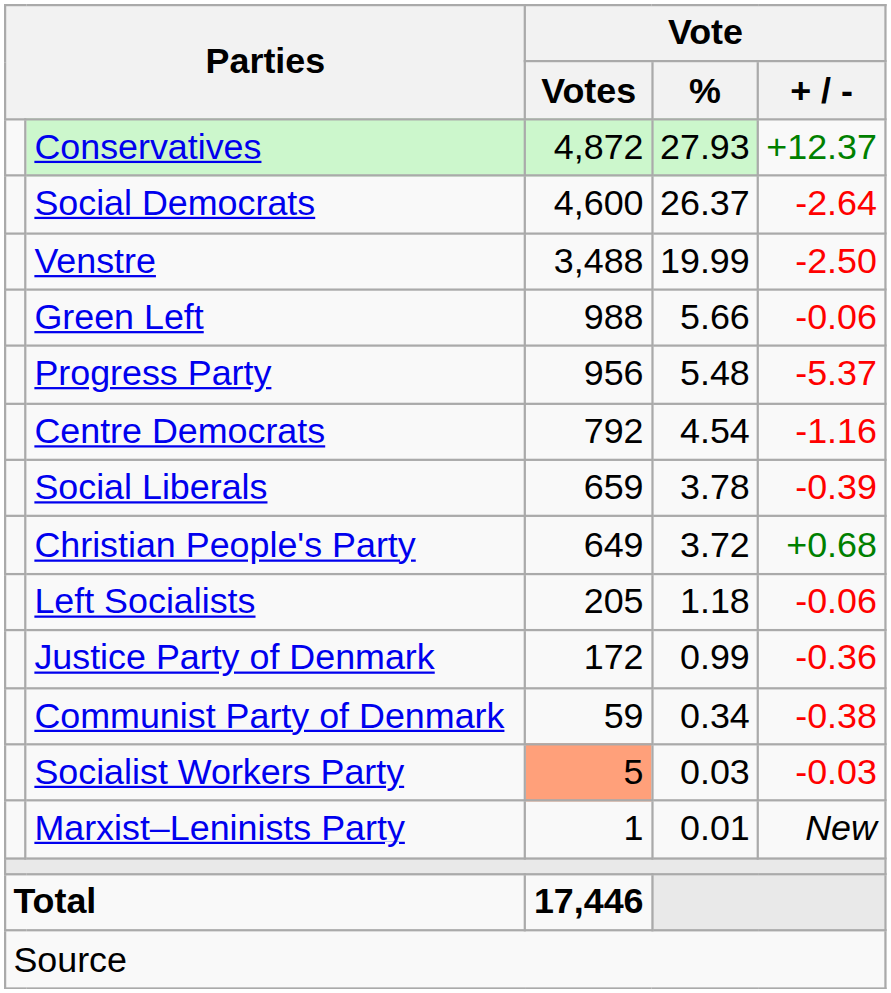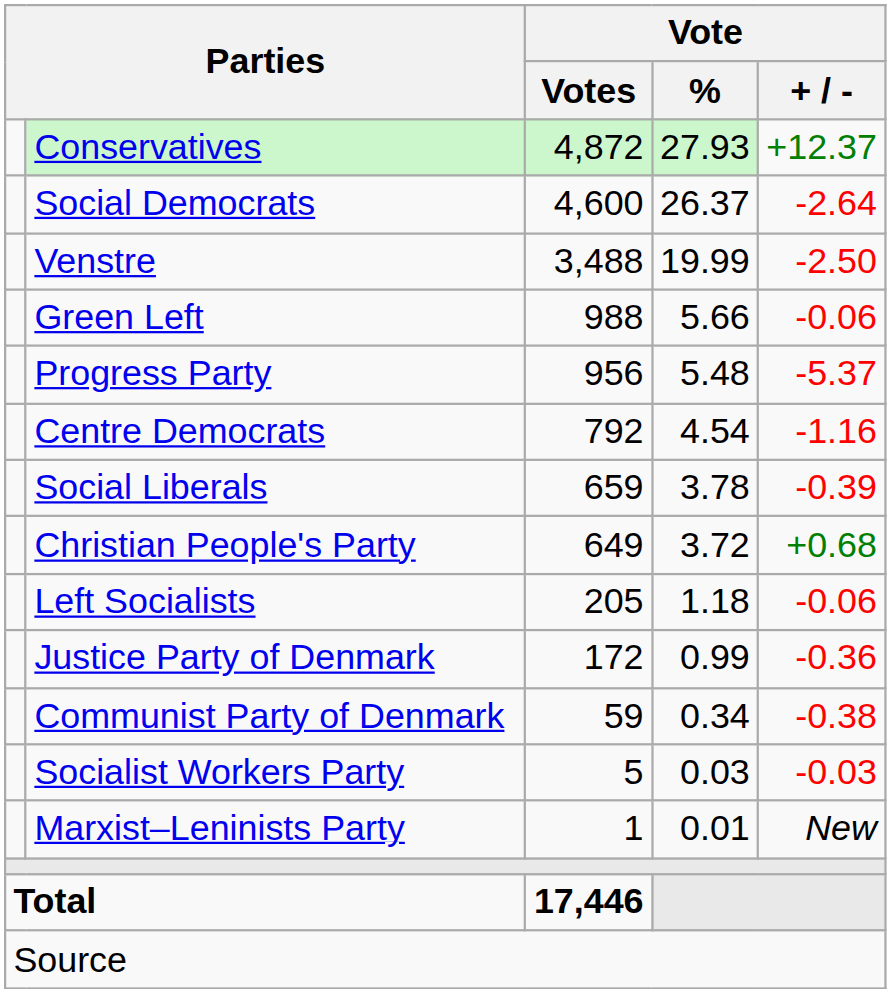 <table class="wikitable" style="text-align:right;">
 <tr>
 <th style="text-align:centre;" rowspan="2" colspan="2" width="225">Parties</th>
 <th colspan="3">Vote</th>
 </tr>
 <tr>
 <th width="15">Votes</th>
 <th width="15">%</th>
 <th width="15">+ / -</th>
 </tr>
 <tr>
 <td width="2" style="color:inherit;background:"></td>
 <td bgcolor=#ccf7cc  align="left"><a href='#'>Conservatives</a></td>
 <td bgcolor=#ccf7cc>4,872</td>
 <td bgcolor=#ccf7cc>27.93</td>
 <td style=color:green;>+12.37</td>
 </tr>
 <tr>
 <td width="2" style="color:inherit;background:"></td>
 <td align="left"><a href='#'>Social Democrats</a></td>
 <td>4,600</td>
 <td>26.37</td>
 <td style=color:red;>-2.64</td>
 </tr>
 <tr>
 <td width="2" style="color:inherit;background:"></td>
 <td align="left"><a href='#'>Venstre</a></td>
 <td>3,488</td>
 <td>19.99</td>
 <td style=color:red;>-2.50</td>
 </tr>
 <tr>
 <td width="2" style="color:inherit;background:"></td>
 <td align="left"><a href='#'>Green Left</a></td>
 <td>988</td>
 <td>5.66</td>
 <td style=color:red;>-0.06</td>
 </tr>
 <tr>
 <td width="2" style="color:inherit;background:"></td>
 <td align="left"><a href='#'>Progress Party</a></td>
 <td>956</td>
 <td>5.48</td>
 <td style=color:red;>-5.37</td>
 </tr>
 <tr>
 <td width="2" style="color:inherit;background:"></td>
 <td align="left"><a href='#'>Centre Democrats</a></td>
 <td>792</td>
 <td>4.54</td>
 <td style=color:red;>-1.16</td>
 </tr>
 <tr>
 <td width="2" style="color:inherit;background:"></td>
 <td align="left"><a href='#'>Social Liberals</a></td>
 <td>659</td>
 <td>3.78</td>
 <td style=color:red;>-0.39</td>
 </tr>
 <tr>
 <td width="2" style="color:inherit;background:"></td>
 <td align="left"><a href='#'>Christian People's Party</a></td>
 <td>649</td>
 <td>3.72</td>
 <td style=color:green;>+0.68</td>
 </tr>
 <tr>
 <td width="2" style="color:inherit;background:"></td>
 <td align="left"><a href='#'>Left Socialists</a></td>
 <td>205</td>
 <td>1.18</td>
 <td style=color:red;>-0.06</td>
 </tr>
 <tr>
 <td width="2" style="color:inherit;background:"></td>
 <td align="left"><a href='#'>Justice Party of Denmark</a></td>
 <td>172</td>
 <td>0.99</td>
 <td style=color:red;>-0.36</td>
 </tr>
 <tr>
 <td width="2" style="color:inherit;background:"></td>
 <td align="left"><a href='#'>Communist Party of Denmark</a></td>
 <td>59</td>
 <td>0.34</td>
 <td style=color:red;>-0.38</td>
 </tr>
 <tr>
 <td width="2" style="color:inherit;background:"></td>
 <td align="left"><a href='#'>Socialist Workers Party</a></td>
-<td style="background: lightsalmon;">5</td>
+<td>5</td>
 <td>0.03</td>
 <td style=color:red;>-0.03</td>
 </tr>
 <tr>
 <td width="2" style="color:inherit;background:"></td>
 <td align="left"><a href='#'>Marxist–Leninists Party</a></td>
 <td>1</td>
 <td>0.01</td>
 <td><em>New</em></td>
 </tr>
 <tr>
 <td colspan="7" bgcolor="#E9E9E9"></td>
 </tr>
 <tr>
 <td align="left" colspan="2"><strong>Total</strong></td>
 <td><strong>17,446</strong></td>
 <td bgcolor="#E9E9E9" colspan="2"></td>
 </tr>
 <tr>
 <td align="left" colspan="6">Source</td>
 </tr>
 </table>
